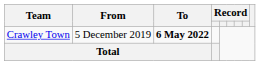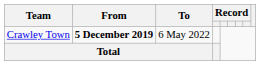 <table class=wikitable style=text-align:center>
 <tr>
 <th rowspan=2>Team</th>
 <th rowspan=2>From</th>
 <th rowspan=2>To</th>
 <th colspan=5>Record</th>
 <th rowspan=2></th>
 </tr>
 <tr>
 <th></th>
 <th></th>
 <th></th>
 <th></th>
 <th></th>
 </tr>
 <tr>
 <td align=left><a href='#'>Crawley Town</a></td>
-<td align=left>5 December 2019</td>
-<td align=left><strong>6 May 2022<br></strong></td>
+<td align=left><strong>5 December 2019</strong></td>
+<td align=left>6 May 2022<br></td>
 <td></td>
 </tr>
 <tr>
 <th colspan=3>Total<br></th>
 <th></th>
 </tr>
 </table>
